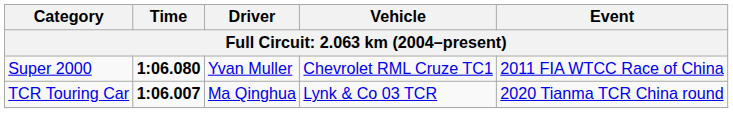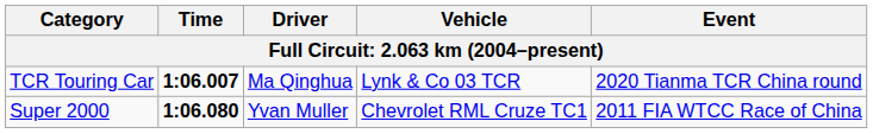 <table class="wikitable">
 <tr>
 <th>Category</th>
 <th>Time</th>
 <th>Driver</th>
 <th>Vehicle</th>
 <th>Event</th>
 </tr>
 <tr>
 <th colspan=5>Full Circuit: 2.063 km (2004–present)</th>
 </tr>
 <tr>
+<td><a href='#'>TCR Touring Car</a></td>
+<td><strong>1:06.007</strong></td>
+<td><a href='#'>Ma Qinghua</a></td>
+<td><a href='#'>Lynk & Co 03 TCR</a></td>
+<td><a href='#'>2020 Tianma TCR China round</a></td>
+</tr>
+<tr>
 <td><a href='#'>Super 2000</a></td>
 <td><strong>1:06.080</strong></td>
 <td><a href='#'>Yvan Muller</a></td>
 <td><a href='#'>Chevrolet RML Cruze TC1</a></td>
 <td><a href='#'>2011 FIA WTCC Race of China</a></td>
 </tr>
 <tr>
-<td><a href='#'>TCR Touring Car</a></td>
-<td><strong>1:06.007</strong></td>
-<td><a href='#'>Ma Qinghua</a></td>
-<td><a href='#'>Lynk & Co 03 TCR</a></td>
-<td><a href='#'>2020 Tianma TCR China round</a></td>
-</tr>
-<tr>
 </tr>
 </table>
